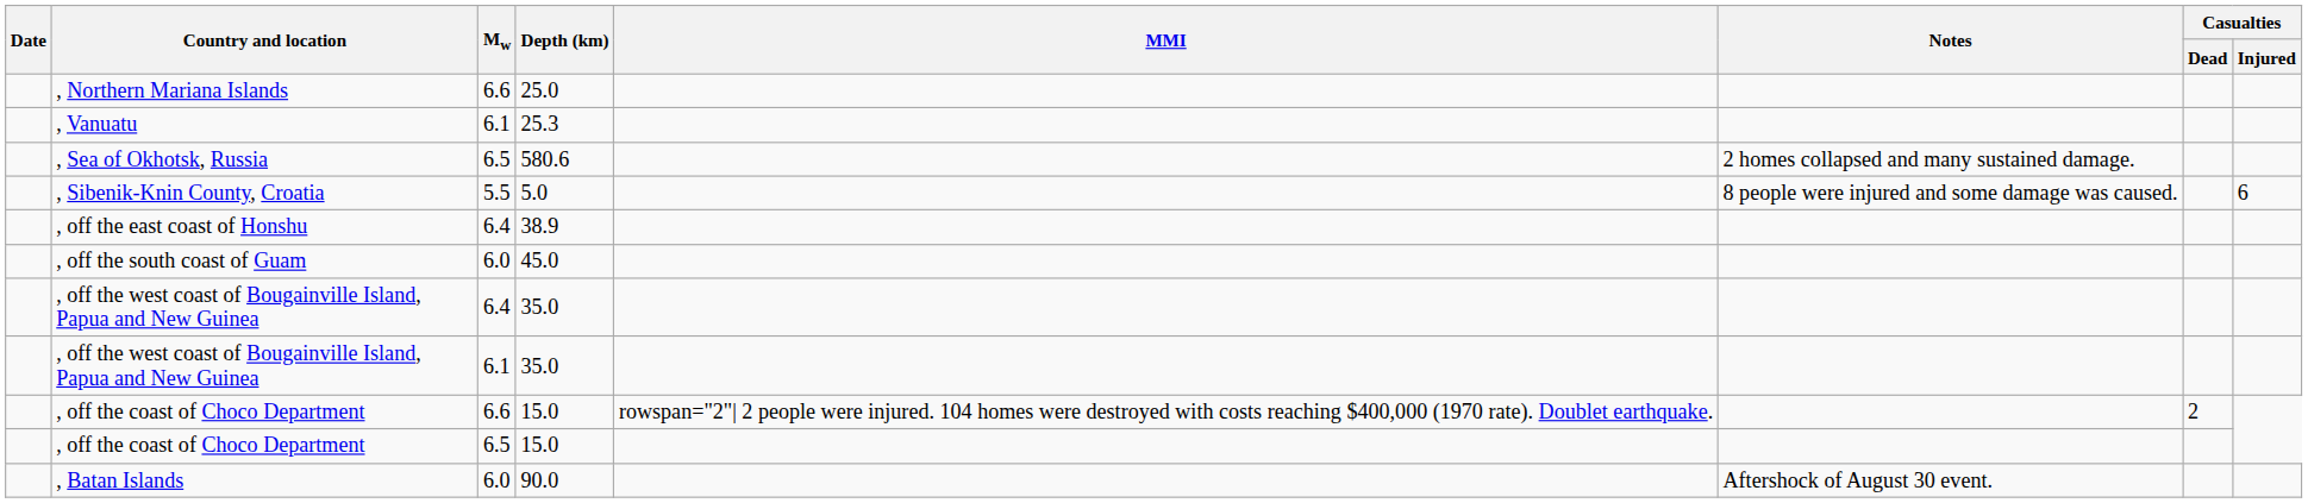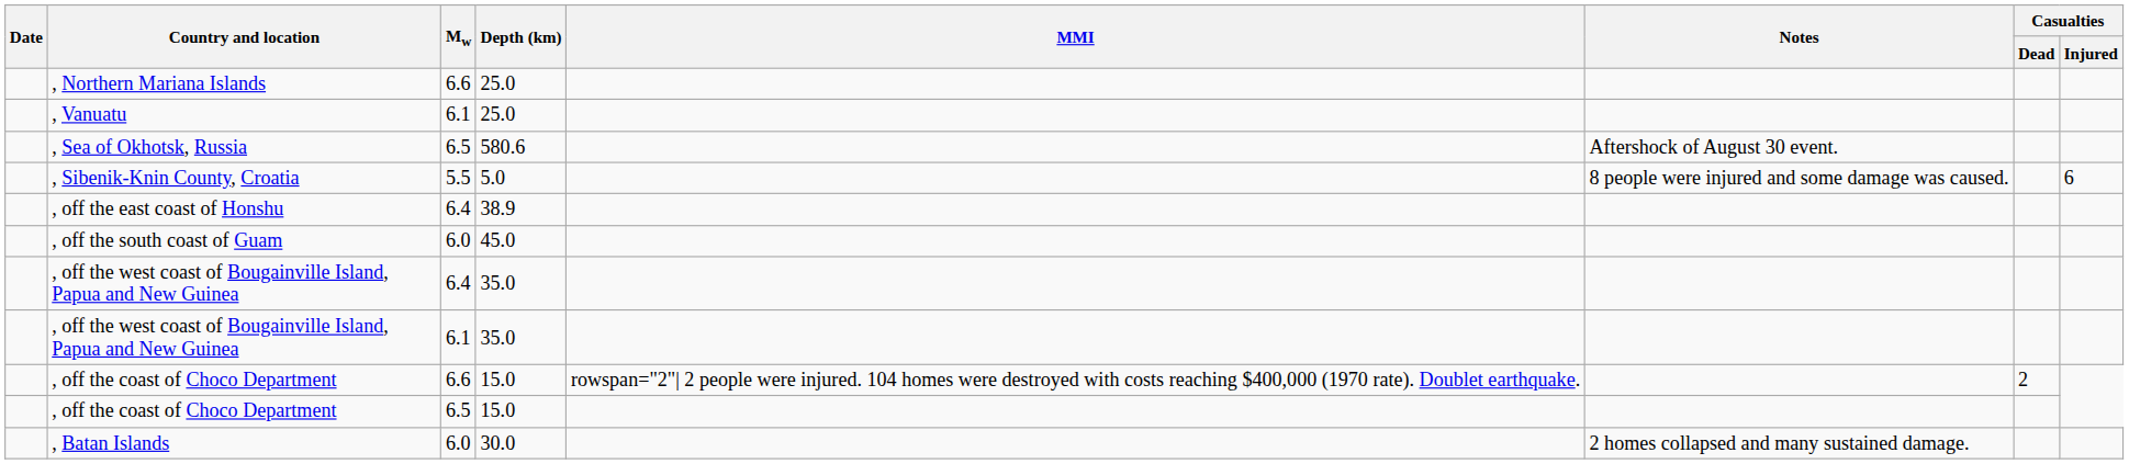 <table class="wikitable sortable sort-under" style="border:1px black; margin-left:1em;">
 <tr>
 <th rowspan="2"><small>Date</small></th>
 <th rowspan="2" style="width: 310px"><small>Country and location</small></th>
 <th rowspan="2"><small>M<sub>w</sub></small></th>
 <th rowspan="2"><small>Depth (km)</small></th>
 <th rowspan="2"><small><a href='#'>MMI</a></small></th>
 <th rowspan="2" class="unsortable"><small>Notes</small></th>
 <th colspan="2"><small>Casualties</small></th>
 </tr>
 <tr>
 <th><small>Dead</small></th>
 <th><small>Injured</small></th>
 </tr>
 <tr>
 <td></td>
 <td>, <a href='#'>Northern Mariana Islands</a></td>
 <td>6.6</td>
 <td>25.0</td>
 <td></td>
 <td></td>
 <td></td>
 <td></td>
 </tr>
 <tr>
 <td></td>
 <td>, <a href='#'>Vanuatu</a></td>
 <td>6.1</td>
-<td>25.3</td>
+<td>25.0</td>
 <td></td>
 <td></td>
 <td></td>
 <td></td>
 </tr>
 <tr>
 <td></td>
 <td>, <a href='#'>Sea of Okhotsk</a>, <a href='#'>Russia</a></td>
 <td>6.5</td>
 <td>580.6</td>
 <td></td>
-<td>2 homes collapsed and many sustained damage.</td>
+<td>Aftershock of August 30 event.</td>
 <td></td>
 <td></td>
 </tr>
 <tr>
 <td></td>
 <td>, <a href='#'>Sibenik-Knin County</a>, <a href='#'>Croatia</a></td>
 <td>5.5</td>
 <td>5.0</td>
 <td></td>
 <td>8 people were injured and some damage was caused.</td>
 <td></td>
 <td>6</td>
 </tr>
 <tr>
 <td></td>
 <td>, off the east coast of <a href='#'>Honshu</a></td>
 <td>6.4</td>
 <td>38.9</td>
 <td></td>
 <td></td>
 <td></td>
 <td></td>
 </tr>
 <tr>
 <td></td>
 <td>, off the south coast of <a href='#'>Guam</a></td>
 <td>6.0</td>
 <td>45.0</td>
 <td></td>
 <td></td>
 <td></td>
 <td></td>
 </tr>
 <tr>
 <td></td>
 <td>, off the west coast of <a href='#'>Bougainville Island</a>, <a href='#'>Papua and New Guinea</a></td>
 <td>6.4</td>
 <td>35.0</td>
 <td></td>
 <td></td>
 <td></td>
 <td></td>
 </tr>
 <tr>
 <td></td>
 <td>, off the west coast of <a href='#'>Bougainville Island</a>, <a href='#'>Papua and New Guinea</a></td>
 <td>6.1</td>
 <td>35.0</td>
 <td></td>
 <td></td>
 <td></td>
 <td></td>
 </tr>
 <tr>
 <td></td>
 <td>, off the coast of <a href='#'>Choco Department</a></td>
 <td>6.6</td>
 <td>15.0</td>
 <td>rowspan="2"| 2 people were injured. 104 homes were destroyed with costs reaching $400,000 (1970 rate). <a href='#'>Doublet earthquake</a>.</td>
 <td></td>
 <td>2</td>
 </tr>
 <tr>
 <td></td>
 <td>, off the coast of <a href='#'>Choco Department</a></td>
 <td>6.5</td>
 <td>15.0</td>
 <td></td>
 <td></td>
 <td></td>
 </tr>
 <tr>
 <td></td>
 <td>, <a href='#'>Batan Islands</a></td>
 <td>6.0</td>
-<td>90.0</td>
+<td>30.0</td>
 <td></td>
-<td>Aftershock of August 30 event.</td>
+<td>2 homes collapsed and many sustained damage.</td>
 <td></td>
 <td></td>
 </tr>
 </table>
